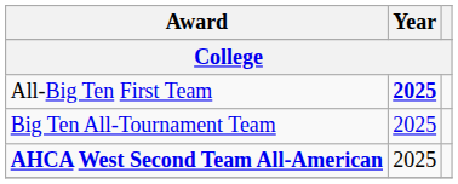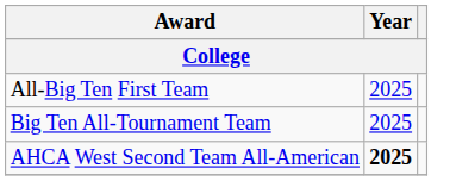 <table class="wikitable">
 <tr>
 <th>Award</th>
 <th>Year</th>
 <th></th>
 </tr>
 <tr ALIGN="center" bgcolor="#e0e0e0">
 </tr>
 <tr ALIGN="center" bgcolor="#e0e0e0">
 <th colspan="3"><a href='#'>College</a></th>
 </tr>
 <tr>
 <td>All-<a href='#'>Big Ten</a> <a href='#'>First Team</a></td>
-<td><strong><a href='#'>2025</a></strong></td>
+<td><a href='#'>2025</a></td>
 <td></td>
 </tr>
 <tr>
 <td><a href='#'>Big Ten All-Tournament Team</a></td>
 <td><a href='#'>2025</a></td>
 <td></td>
 </tr>
 <tr>
-<td><strong><a href='#'>AHCA</a> <a href='#'>West Second Team All-American</a></strong></td>
-<td>2025</td>
+<td><a href='#'>AHCA</a> <a href='#'>West Second Team All-American</a></td>
+<td><strong>2025</strong></td>
 <td></td>
 </tr>
 <tr>
 </tr>
 </table>
